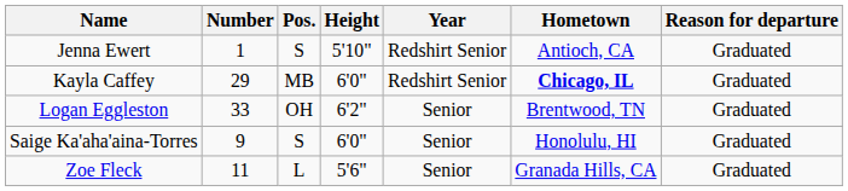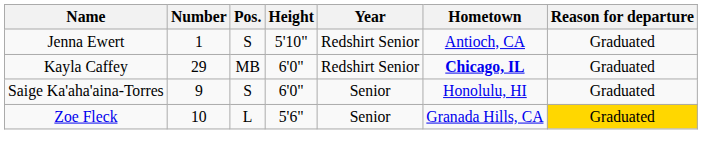 <table class="wikitable sortable" border="1">
 <tr>
 <th style="text-align:center; ">Name</th>
 <th style="text-align:center; ">Number</th>
 <th style="text-align:center; ">Pos.</th>
 <th style="text-align:center; ">Height</th>
 <th style="text-align:center; ">Year</th>
 <th style="text-align:center; ">Hometown</th>
 <th style="text-align:center; ">Reason for departure</th>
 </tr>
 <tr align="center">
 <td>Jenna Ewert</td>
 <td>1</td>
 <td>S</td>
 <td>5'10"</td>
 <td>Redshirt Senior</td>
 <td><a href='#'>Antioch, CA</a></td>
 <td>Graduated</td>
 </tr>
 <tr align="center">
 <td>Kayla Caffey</td>
 <td>29</td>
 <td>MB</td>
 <td>6'0"</td>
 <td>Redshirt Senior</td>
 <td><strong><a href='#'>Chicago, IL</a></strong></td>
 <td>Graduated</td>
 </tr>
 <tr align="center">
-<td><a href='#'>Logan Eggleston</a></td>
-<td>33</td>
-<td>OH</td>
-<td>6'2"</td>
-<td>Senior</td>
-<td><a href='#'>Brentwood, TN</a></td>
-<td>Graduated</td>
-</tr>
-<tr align="center">
 <td>Saige Ka'aha'aina-Torres</td>
 <td>9</td>
 <td>S</td>
 <td>6'0"</td>
 <td>Senior</td>
 <td><a href='#'>Honolulu, HI</a></td>
 <td>Graduated</td>
 </tr>
 <tr align="center">
 <td><a href='#'>Zoe Fleck</a></td>
-<td>11</td>
+<td>10</td>
 <td>L</td>
 <td>5'6"</td>
 <td>Senior</td>
 <td><a href='#'>Granada Hills, CA</a></td>
-<td>Graduated</td>
+<td style="background: gold;">Graduated</td>
 </tr>
 </table>
